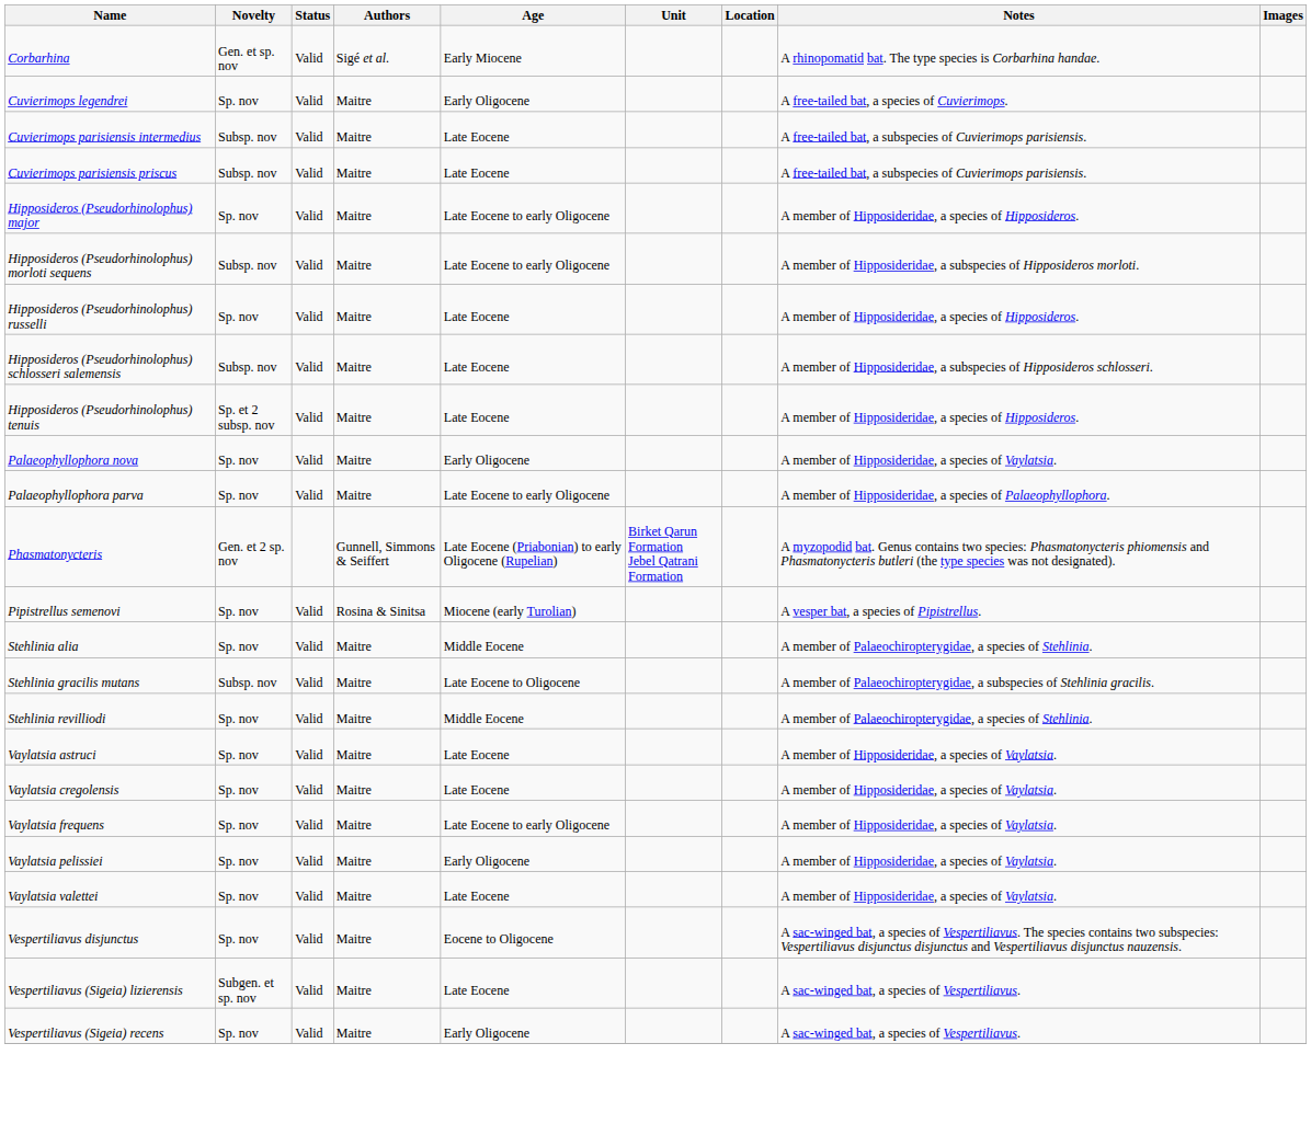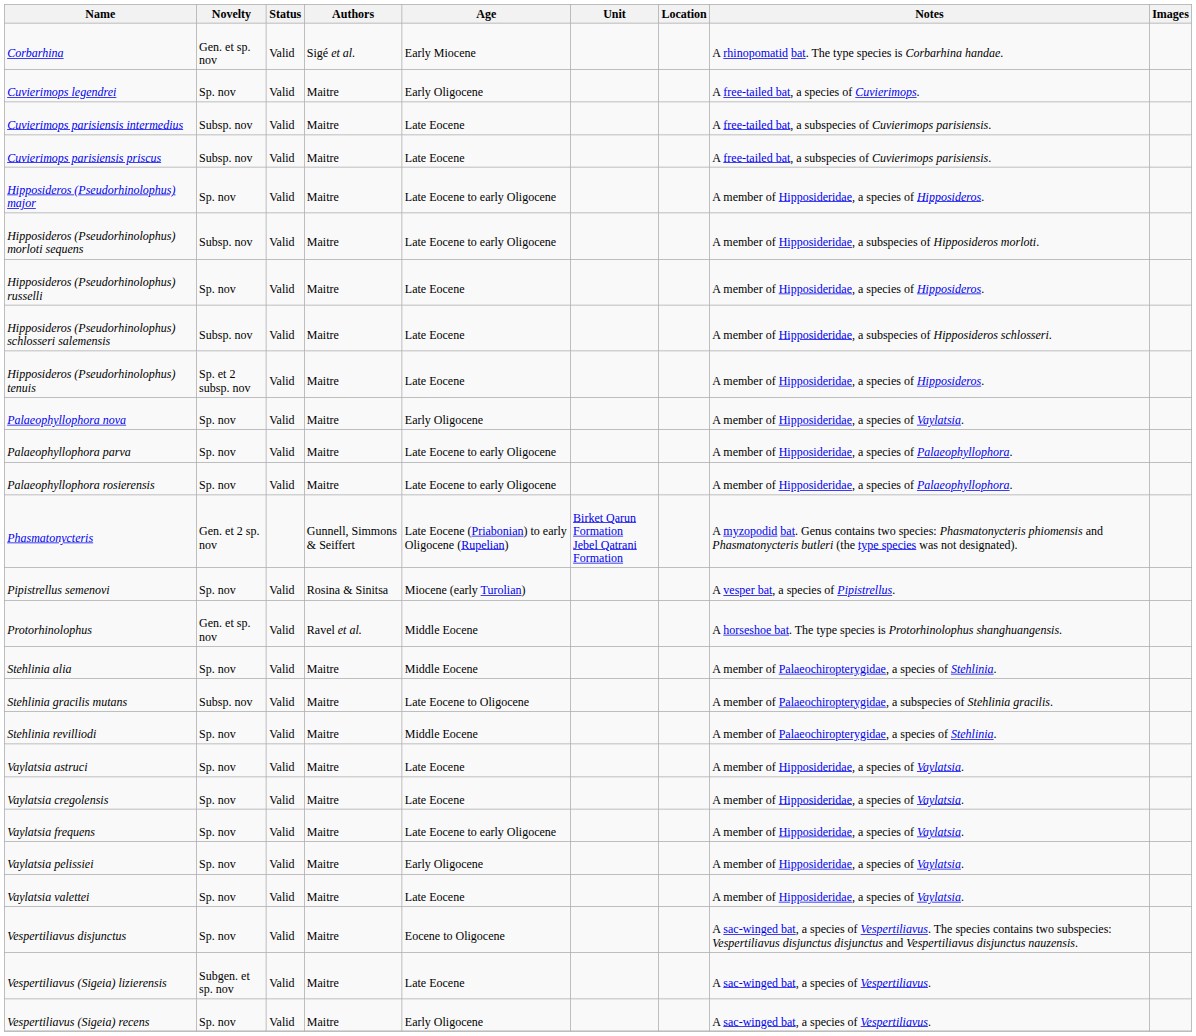 <table class="wikitable sortable" align="center" width="100%">
 <tr>
 <th>Name</th>
 <th>Novelty</th>
 <th>Status</th>
 <th>Authors</th>
 <th>Age</th>
 <th>Unit</th>
 <th>Location</th>
 <th>Notes</th>
 <th>Images</th>
 </tr>
 <tr>
 <td><br><em><a href='#'>Corbarhina</a></em></td>
 <td><br>Gen. et sp. nov</td>
 <td><br>Valid</td>
 <td><br>Sigé <em>et al.</em></td>
 <td><br>Early Miocene</td>
 <td></td>
 <td><br></td>
 <td><br>A <a href='#'>rhinopomatid</a> <a href='#'>bat</a>. The type species is <em>Corbarhina handae</em>.</td>
 <td></td>
 </tr>
 <tr>
 <td><br><em><a href='#'>Cuvierimops legendrei</a></em></td>
 <td><br>Sp. nov</td>
 <td><br>Valid</td>
 <td><br>Maitre</td>
 <td><br>Early Oligocene</td>
 <td></td>
 <td><br></td>
 <td><br>A <a href='#'>free-tailed bat</a>, a species of <em><a href='#'>Cuvierimops</a></em>.</td>
 <td></td>
 </tr>
 <tr>
 <td><br><em><a href='#'>Cuvierimops parisiensis intermedius</a></em></td>
 <td><br>Subsp. nov</td>
 <td><br>Valid</td>
 <td><br>Maitre</td>
 <td><br>Late Eocene</td>
 <td></td>
 <td><br></td>
 <td><br>A <a href='#'>free-tailed bat</a>, a subspecies of <em>Cuvierimops parisiensis</em>.</td>
 <td></td>
 </tr>
 <tr>
 <td><br><em><a href='#'>Cuvierimops parisiensis priscus</a></em></td>
 <td><br>Subsp. nov</td>
 <td><br>Valid</td>
 <td><br>Maitre</td>
 <td><br>Late Eocene</td>
 <td></td>
 <td><br></td>
 <td><br>A <a href='#'>free-tailed bat</a>, a subspecies of <em>Cuvierimops parisiensis</em>.</td>
 <td></td>
 </tr>
 <tr>
 <td><br><em><a href='#'>Hipposideros (Pseudorhinolophus) major</a></em></td>
 <td><br>Sp. nov</td>
 <td><br>Valid</td>
 <td><br>Maitre</td>
 <td><br>Late Eocene to early Oligocene</td>
 <td></td>
 <td><br></td>
 <td><br>A member of <a href='#'>Hipposideridae</a>, a species of <em><a href='#'>Hipposideros</a></em>.</td>
 <td></td>
 </tr>
 <tr>
 <td><br><em>Hipposideros (Pseudorhinolophus) morloti sequens</em></td>
 <td><br>Subsp. nov</td>
 <td><br>Valid</td>
 <td><br>Maitre</td>
 <td><br>Late Eocene to early Oligocene</td>
 <td></td>
 <td><br></td>
 <td><br>A member of <a href='#'>Hipposideridae</a>, a subspecies of <em>Hipposideros morloti</em>.</td>
 <td></td>
 </tr>
 <tr>
 <td><br><em>Hipposideros (Pseudorhinolophus) russelli</em></td>
 <td><br>Sp. nov</td>
 <td><br>Valid</td>
 <td><br>Maitre</td>
 <td><br>Late Eocene</td>
 <td></td>
 <td><br></td>
 <td><br>A member of <a href='#'>Hipposideridae</a>, a species of <em><a href='#'>Hipposideros</a></em>.</td>
 <td></td>
 </tr>
 <tr>
 <td><br><em>Hipposideros (Pseudorhinolophus) schlosseri salemensis</em></td>
 <td><br>Subsp. nov</td>
 <td><br>Valid</td>
 <td><br>Maitre</td>
 <td><br>Late Eocene</td>
 <td></td>
 <td><br></td>
 <td><br>A member of <a href='#'>Hipposideridae</a>, a subspecies of <em>Hipposideros schlosseri</em>.</td>
 <td></td>
 </tr>
 <tr>
 <td><br><em>Hipposideros (Pseudorhinolophus) tenuis</em></td>
 <td><br>Sp. et 2 subsp. nov</td>
 <td><br>Valid</td>
 <td><br>Maitre</td>
 <td><br>Late Eocene</td>
 <td></td>
 <td><br></td>
 <td><br>A member of <a href='#'>Hipposideridae</a>, a species of <em><a href='#'>Hipposideros</a></em>.</td>
 <td></td>
 </tr>
 <tr>
 <td><br><em><a href='#'>Palaeophyllophora nova</a></em></td>
 <td><br>Sp. nov</td>
 <td><br>Valid</td>
 <td><br>Maitre</td>
 <td><br>Early Oligocene</td>
 <td></td>
 <td><br></td>
 <td><br>A member of <a href='#'>Hipposideridae</a>, a species of <em><a href='#'>Vaylatsia</a></em>.</td>
 <td></td>
 </tr>
 <tr>
 <td><br><em>Palaeophyllophora parva</em></td>
 <td><br>Sp. nov</td>
 <td><br>Valid</td>
 <td><br>Maitre</td>
 <td><br>Late Eocene to early Oligocene</td>
 <td></td>
 <td><br></td>
 <td><br>A member of <a href='#'>Hipposideridae</a>, a species of <em><a href='#'>Palaeophyllophora</a></em>.</td>
 <td></td>
 </tr>
 <tr>
+<td><br><em>Palaeophyllophora rosierensis</em></td>
+<td><br>Sp. nov</td>
+<td><br>Valid</td>
+<td><br>Maitre</td>
+<td><br>Late Eocene to early Oligocene</td>
+<td></td>
+<td><br></td>
+<td><br>A member of <a href='#'>Hipposideridae</a>, a species of <em><a href='#'>Palaeophyllophora</a></em>.</td>
+<td></td>
+</tr>
+<tr>
 <td><br><em><a href='#'>Phasmatonycteris</a></em></td>
 <td><br>Gen. et 2 sp. nov</td>
 <td></td>
 <td><br>Gunnell, Simmons & Seiffert</td>
 <td><br>Late Eocene (<a href='#'>Priabonian</a>) to early Oligocene (<a href='#'>Rupelian</a>)</td>
 <td><br><a href='#'>Birket Qarun Formation</a><br> <a href='#'>Jebel Qatrani Formation</a></td>
 <td><br></td>
 <td><br>A <a href='#'>myzopodid</a> <a href='#'>bat</a>. Genus contains two species: <em>Phasmatonycteris phiomensis</em> and <em>Phasmatonycteris butleri</em> (the <a href='#'>type species</a> was not designated).</td>
 <td></td>
 </tr>
 <tr>
 <td><br><em>Pipistrellus semenovi</em></td>
 <td><br>Sp. nov</td>
 <td><br>Valid</td>
 <td><br>Rosina & Sinitsa</td>
 <td><br>Miocene (early <a href='#'>Turolian</a>)</td>
 <td></td>
 <td><br></td>
 <td><br>A <a href='#'>vesper bat</a>, a species of <em><a href='#'>Pipistrellus</a></em>.</td>
+<td></td>
+</tr>
+<tr>
+<td><br><em>Protorhinolophus</em></td>
+<td><br>Gen. et sp. nov</td>
+<td><br>Valid</td>
+<td><br>Ravel <em>et al.</em></td>
+<td><br>Middle Eocene</td>
+<td></td>
+<td><br></td>
+<td><br>A <a href='#'>horseshoe bat</a>. The type species is <em>Protorhinolophus shanghuangensis</em>.</td>
 <td></td>
 </tr>
 <tr>
 <td><br><em>Stehlinia alia</em></td>
 <td><br>Sp. nov</td>
 <td><br>Valid</td>
 <td><br>Maitre</td>
 <td><br>Middle Eocene</td>
 <td></td>
 <td><br></td>
 <td><br>A member of <a href='#'>Palaeochiropterygidae</a>, a species of <em><a href='#'>Stehlinia</a></em>.</td>
 <td></td>
 </tr>
 <tr>
 <td><br><em>Stehlinia gracilis mutans</em></td>
 <td><br>Subsp. nov</td>
 <td><br>Valid</td>
 <td><br>Maitre</td>
 <td><br>Late Eocene to Oligocene</td>
 <td></td>
 <td><br></td>
 <td><br>A member of <a href='#'>Palaeochiropterygidae</a>, a subspecies of <em>Stehlinia gracilis</em>.</td>
 <td></td>
 </tr>
 <tr>
 <td><br><em>Stehlinia revilliodi</em></td>
 <td><br>Sp. nov</td>
 <td><br>Valid</td>
 <td><br>Maitre</td>
 <td><br>Middle Eocene</td>
 <td></td>
 <td><br><br> </td>
 <td><br>A member of <a href='#'>Palaeochiropterygidae</a>, a species of <em><a href='#'>Stehlinia</a></em>.</td>
 <td></td>
 </tr>
 <tr>
 <td><br><em>Vaylatsia astruci</em></td>
 <td><br>Sp. nov</td>
 <td><br>Valid</td>
 <td><br>Maitre</td>
 <td><br>Late Eocene</td>
 <td></td>
 <td><br></td>
 <td><br>A member of <a href='#'>Hipposideridae</a>, a species of <em><a href='#'>Vaylatsia</a></em>.</td>
 <td></td>
 </tr>
 <tr>
 <td><br><em>Vaylatsia cregolensis</em></td>
 <td><br>Sp. nov</td>
 <td><br>Valid</td>
 <td><br>Maitre</td>
 <td><br>Late Eocene</td>
 <td></td>
 <td><br></td>
 <td><br>A member of <a href='#'>Hipposideridae</a>, a species of <em><a href='#'>Vaylatsia</a></em>.</td>
 <td></td>
 </tr>
 <tr>
 <td><br><em>Vaylatsia frequens</em></td>
 <td><br>Sp. nov</td>
 <td><br>Valid</td>
 <td><br>Maitre</td>
 <td><br>Late Eocene to early Oligocene</td>
 <td></td>
 <td><br></td>
 <td><br>A member of <a href='#'>Hipposideridae</a>, a species of <em><a href='#'>Vaylatsia</a></em>.</td>
 <td></td>
 </tr>
 <tr>
 <td><br><em>Vaylatsia pelissiei</em></td>
 <td><br>Sp. nov</td>
 <td><br>Valid</td>
 <td><br>Maitre</td>
 <td><br>Early Oligocene</td>
 <td></td>
 <td><br></td>
 <td><br>A member of <a href='#'>Hipposideridae</a>, a species of <em><a href='#'>Vaylatsia</a></em>.</td>
 <td></td>
 </tr>
 <tr>
 <td><br><em>Vaylatsia valettei</em></td>
 <td><br>Sp. nov</td>
 <td><br>Valid</td>
 <td><br>Maitre</td>
 <td><br>Late Eocene</td>
 <td></td>
 <td><br></td>
 <td><br>A member of <a href='#'>Hipposideridae</a>, a species of <em><a href='#'>Vaylatsia</a></em>.</td>
 <td></td>
 </tr>
 <tr>
 <td><br><em>Vespertiliavus disjunctus</em></td>
 <td><br>Sp. nov</td>
 <td><br>Valid</td>
 <td><br>Maitre</td>
 <td><br>Eocene to Oligocene</td>
 <td></td>
 <td><br></td>
 <td><br>A <a href='#'>sac-winged bat</a>, a species of <em><a href='#'>Vespertiliavus</a></em>. The species contains two subspecies: <em>Vespertiliavus disjunctus disjunctus</em> and <em>Vespertiliavus disjunctus nauzensis</em>.</td>
 <td></td>
 </tr>
 <tr>
 <td><br><em>Vespertiliavus (Sigeia) lizierensis</em></td>
 <td><br>Subgen. et sp. nov</td>
 <td><br>Valid</td>
 <td><br>Maitre</td>
 <td><br>Late Eocene</td>
 <td></td>
 <td><br></td>
 <td><br>A <a href='#'>sac-winged bat</a>, a species of <em><a href='#'>Vespertiliavus</a></em>.</td>
 <td></td>
 </tr>
 <tr>
 <td><br><em>Vespertiliavus (Sigeia) recens</em></td>
 <td><br>Sp. nov</td>
 <td><br>Valid</td>
 <td><br>Maitre</td>
 <td><br>Early Oligocene</td>
 <td></td>
 <td><br></td>
 <td><br>A <a href='#'>sac-winged bat</a>, a species of <em><a href='#'>Vespertiliavus</a></em>.</td>
 <td></td>
 </tr>
 <tr>
 </tr>
 </table>
